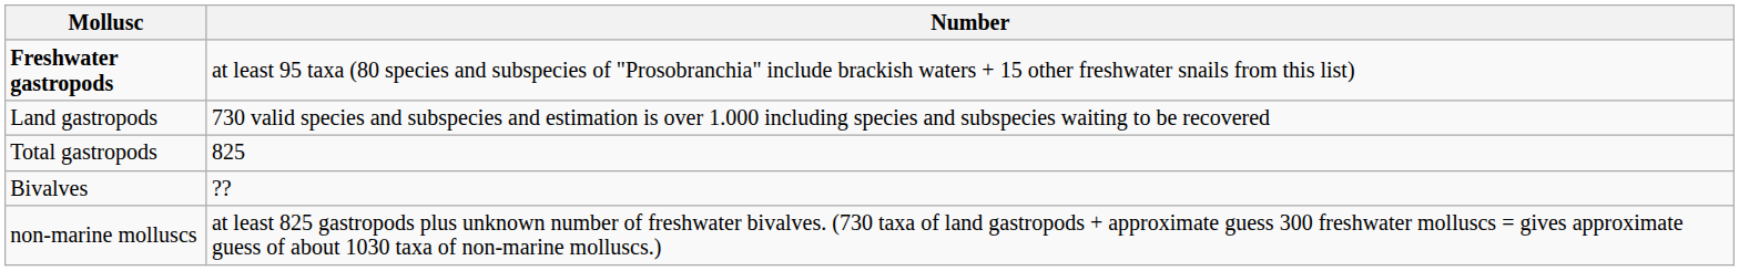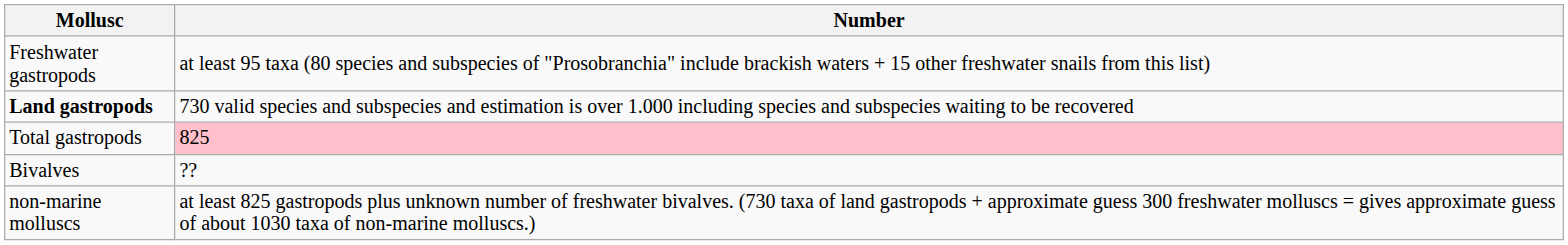 <table class="wikitable">
 <tr>
 <th>Mollusc</th>
 <th>Number</th>
 </tr>
 <tr>
-<td><strong>Freshwater gastropods</strong></td>
+<td>Freshwater gastropods</td>
 <td>at least 95 taxa (80 species and subspecies of "Prosobranchia" include brackish waters + 15 other freshwater snails from this list)</td>
 </tr>
 <tr>
-<td>Land gastropods</td>
+<td><strong>Land gastropods</strong></td>
 <td>730 valid species and subspecies and estimation is over 1.000 including species and subspecies waiting to be recovered</td>
 </tr>
 <tr>
 <td>Total gastropods</td>
-<td>825</td>
+<td style="background: pink;">825</td>
 </tr>
 <tr>
 <td>Bivalves</td>
 <td>??</td>
 </tr>
 <tr>
 <td>non-marine molluscs</td>
 <td>at least 825 gastropods plus unknown number of freshwater bivalves. (730 taxa of land gastropods + approximate guess 300 freshwater molluscs = gives approximate guess of about 1030 taxa of non-marine molluscs.)</td>
 </tr>
 </table>
